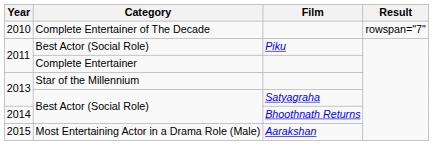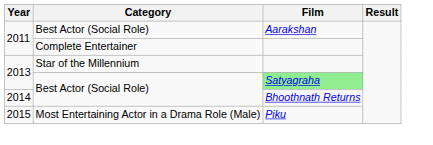 <table class="wikitable sortable">
 <tr>
 <th>Year</th>
 <th>Category</th>
 <th>Film</th>
 <th>Result</th>
 </tr>
 <tr>
-<td>2010</td>
-<td>Complete Entertainer of The Decade</td>
-<td></td>
-<td>rowspan="7" </td>
-</tr>
-<tr>
 <td rowspan="2">2011</td>
 <td>Best Actor (Social Role)</td>
-<td><em><a href='#'>Piku</a></em></td>
+<td><em><a href='#'>Aarakshan</a></em></td>
 </tr>
 <tr>
 <td>Complete Entertainer</td>
 <td></td>
 </tr>
 <tr>
 <td rowspan="2">2013</td>
 <td>Star of the Millennium</td>
 <td></td>
 </tr>
 <tr>
 <td rowspan="2">Best Actor (Social Role)</td>
-<td><em><a href='#'>Satyagraha</a></em></td>
+<td style="background: lightgreen;"><em><a href='#'>Satyagraha</a></em></td>
 </tr>
 <tr>
 <td>2014</td>
 <td><em><a href='#'>Bhoothnath Returns</a></em></td>
 </tr>
 <tr>
 <td>2015</td>
 <td>Most Entertaining Actor in a Drama Role (Male)</td>
-<td><em><a href='#'>Aarakshan</a></em></td>
+<td><em><a href='#'>Piku</a></em></td>
 </tr>
 </table>
